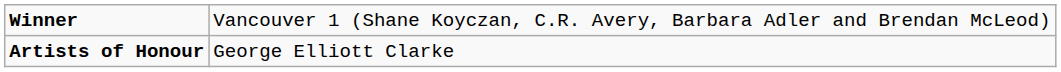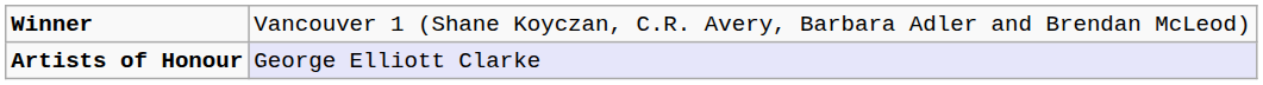 <table class="wikitable">
 <tr>
 <td><strong>Winner</strong></td>
 <td>Vancouver 1 (Shane Koyczan, C.R. Avery, Barbara Adler and Brendan McLeod)</td>
 </tr>
 <tr>
 <td><strong>Artists of Honour</strong></td>
-<td>George Elliott Clarke</td>
+<td style="background: lavender;">George Elliott Clarke</td>
 </tr>
 </table>
